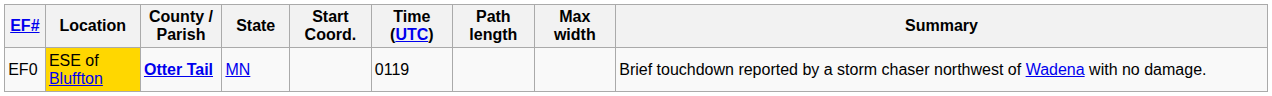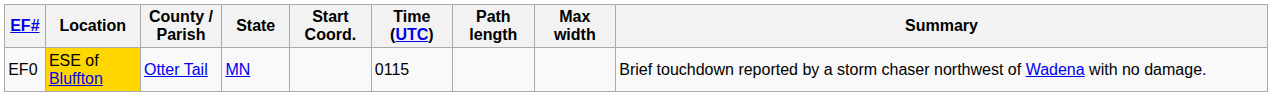 <table class="wikitable sortable" style="width:100%;">
 <tr>
 <th scope="col" width="3%" align="center"><a href='#'>EF#</a></th>
 <th scope="col" width="7%" align="center" class="unsortable">Location</th>
 <th scope="col" width="6%" align="center" class="unsortable">County / Parish</th>
 <th scope="col" width="5%" align="center">State</th>
 <th scope="col" width="6%" align="center">Start Coord.</th>
 <th scope="col" width="6%" align="center">Time (<a href='#'>UTC</a>)</th>
 <th scope="col" width="6%" align="center">Path length</th>
 <th scope="col" width="6%" align="center">Max width</th>
 <th scope="col" width="48%" class="unsortable" align="center">Summary</th>
 </tr>
 <tr>
 <td>EF0</td>
 <td style="background: gold;">ESE of <a href='#'>Bluffton</a></td>
-<td><strong><a href='#'>Otter Tail</a></strong></td>
+<td><a href='#'>Otter Tail</a></td>
 <td><a href='#'>MN</a></td>
 <td></td>
-<td>0119</td>
+<td>0115</td>
 <td></td>
 <td></td>
 <td>Brief touchdown reported by a storm chaser northwest of <a href='#'>Wadena</a> with no damage.</td>
 </tr>
 <tr>
 </tr>
 </table>
